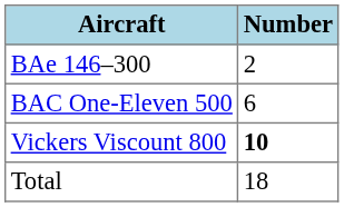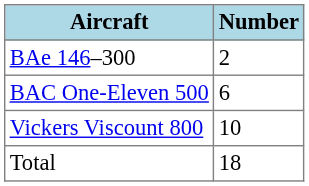 <table class="toccolours" border="1" cellpadding="3" style="border-collapse:collapse">
 <tr bgcolor=lightblue>
 <th>Aircraft</th>
 <th>Number</th>
 </tr>
 <tr>
 <td><a href='#'>BAe 146</a>–300</td>
 <td>2</td>
 </tr>
 <tr>
 <td><a href='#'>BAC One-Eleven 500</a></td>
 <td>6</td>
 </tr>
 <tr>
 <td><a href='#'>Vickers Viscount 800</a></td>
-<td><strong>10</strong></td>
+<td>10</td>
 </tr>
 <tr>
 <td>Total</td>
 <td>18</td>
 </tr>
 </table>
